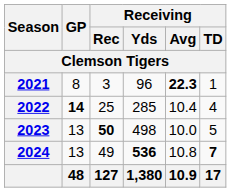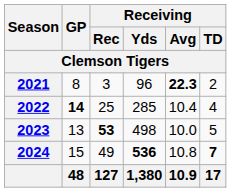 <table class="wikitable" style="text-align:center;">
 <tr>
 <th rowspan="2">Season</th>
 <th rowspan="2">GP</th>
 <th colspan="4">Receiving</th>
 </tr>
 <tr>
 <th>Rec</th>
 <th>Yds</th>
 <th>Avg</th>
 <th>TD</th>
 </tr>
 <tr>
 <th colspan="11">Clemson Tigers</th>
 </tr>
 <tr>
 <th><a href='#'>2021</a></th>
 <td>8</td>
 <td>3</td>
 <td>96</td>
 <td><strong>22.3</strong></td>
-<td>1</td>
+<td>2</td>
 </tr>
 <tr>
 <th><a href='#'>2022</a></th>
 <td><strong>14</strong></td>
 <td>25</td>
 <td>285</td>
 <td>10.4</td>
 <td>4</td>
 </tr>
 <tr>
 <th><a href='#'>2023</a></th>
 <td>13</td>
-<td><strong>50</strong></td>
+<td><strong>53</strong></td>
 <td>498</td>
 <td>10.0</td>
 <td>5</td>
 </tr>
 <tr>
 <th><a href='#'>2024</a></th>
-<td>13</td>
+<td>15</td>
 <td>49</td>
 <td><strong>536</strong></td>
 <td>10.8</td>
 <td><strong>7</strong></td>
 </tr>
 <tr>
 <th></th>
 <th>48</th>
 <th>127</th>
 <th>1,380</th>
 <th>10.9</th>
 <th>17</th>
 </tr>
 </table>
